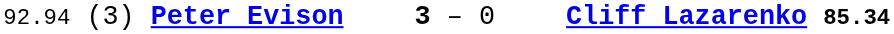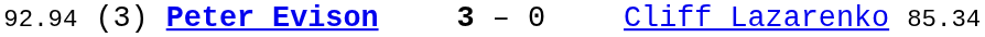 <table style="text-align:center">
 <tr>
 <th width=223></th>
 <th width=100></th>
 <th width=223></th>
 </tr>
 <tr>
 <td align=right><small>92.94</small> (3) <strong><a href='#'>Peter Evison</a></strong> </td>
 <td><strong>3</strong> – 0</td>
-<td align=left><strong> <a href='#'>Cliff Lazarenko</a> <small>85.34</small></strong></td>
+<td align=left> <a href='#'>Cliff Lazarenko</a> <small>85.34</small></td>
 </tr>
 </table>
